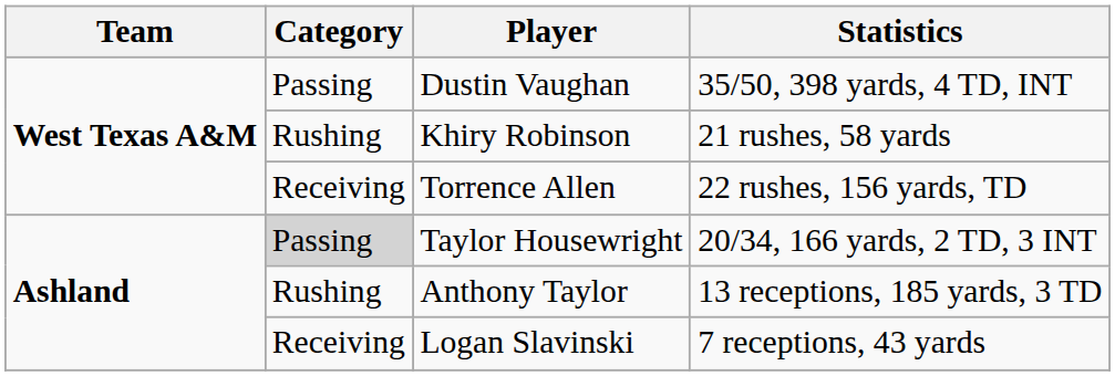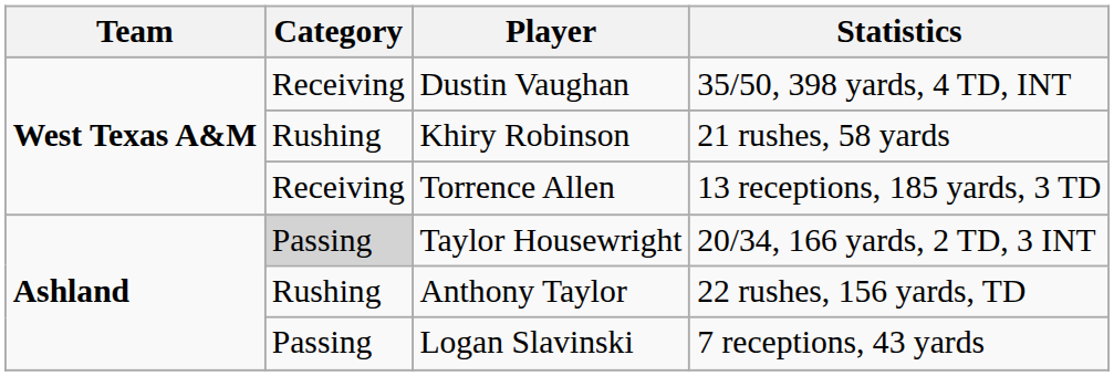 <table class="wikitable" style="float: left;">
 <tr>
 <th>Team</th>
 <th>Category</th>
 <th>Player</th>
 <th>Statistics</th>
 </tr>
 <tr>
 <td rowspan=3><strong>West Texas A&M</strong></td>
-<td>Passing</td>
+<td>Receiving</td>
 <td>Dustin Vaughan</td>
 <td>35/50, 398 yards, 4 TD, INT</td>
 </tr>
 <tr>
 <td>Rushing</td>
 <td>Khiry Robinson</td>
 <td>21 rushes, 58 yards</td>
 </tr>
 <tr>
 <td>Receiving</td>
 <td>Torrence Allen</td>
-<td>22 rushes, 156 yards, TD</td>
+<td>13 receptions, 185 yards, 3 TD</td>
 </tr>
 <tr>
 <td rowspan=3><strong>Ashland</strong></td>
 <td style="background: lightgrey;">Passing</td>
 <td>Taylor Housewright</td>
 <td>20/34, 166 yards, 2 TD, 3 INT</td>
 </tr>
 <tr>
 <td>Rushing</td>
 <td>Anthony Taylor</td>
-<td>13 receptions, 185 yards, 3 TD</td>
+<td>22 rushes, 156 yards, TD</td>
 </tr>
 <tr>
-<td>Receiving</td>
+<td>Passing</td>
 <td>Logan Slavinski</td>
 <td>7 receptions, 43 yards</td>
 </tr>
 </table>
